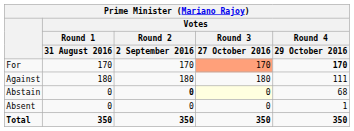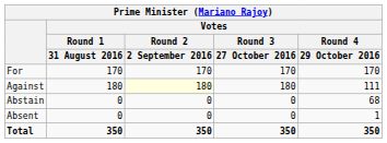 <table class="wikitable" style="font-size:90%; text-align:right;">
 <tr>
 <th colspan="5">Prime Minister (<a href='#'>Mariano Rajoy</a>)</th>
 </tr>
 <tr>
 <th rowspan="3"></th>
 <th colspan="4">Votes</th>
 </tr>
 <tr>
 <th>Round 1</th>
 <th>Round 2</th>
 <th>Round 3</th>
 <th>Round 4</th>
 </tr>
 <tr>
 <th>31 August 2016</th>
 <th>2 September 2016</th>
 <th>27 October 2016</th>
 <th>29 October 2016</th>
 </tr>
 <tr>
 <td align=left>For</td>
 <td>170</td>
 <td>170</td>
-<td style="background: lightsalmon;">170</td>
-<td><strong>170</strong></td>
+<td>170</td>
+<td>170</td>
 </tr>
 <tr>
 <td align=left>Against</td>
 <td>180</td>
-<td>180</td>
+<td style="background: lightyellow;">180</td>
 <td>180</td>
 <td>111</td>
 </tr>
 <tr>
 <td align=left>Abstain</td>
 <td>0</td>
-<td><strong>0</strong></td>
-<td style="background: lightyellow;">0</td>
+<td>0</td>
+<td>0</td>
 <td>68</td>
 </tr>
 <tr>
 <td align=left>Absent</td>
 <td>0</td>
 <td>0</td>
 <td>0</td>
 <td>1</td>
 </tr>
 <tr style="font-weight:bold">
 <td align=left>Total</td>
 <td>350</td>
 <td>350</td>
 <td>350</td>
 <td>350</td>
 </tr>
 </table>
